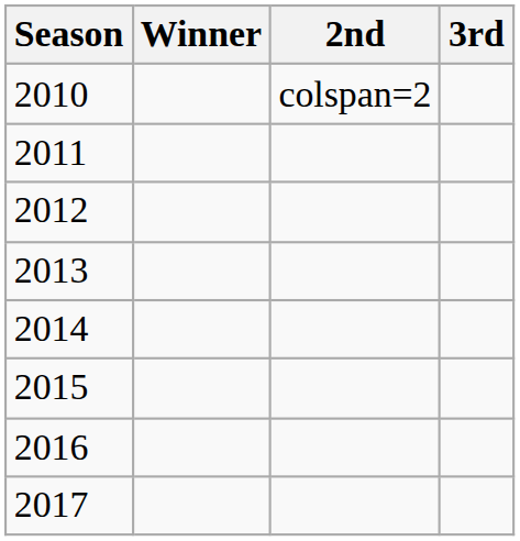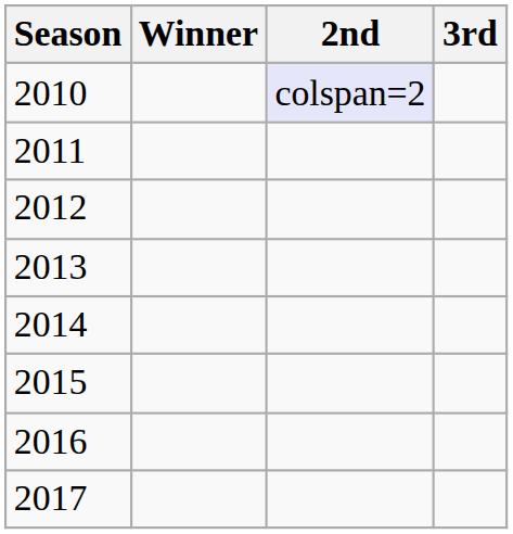 <table class="wikitable">
 <tr>
 <th>Season</th>
 <th>Winner</th>
 <th>2nd</th>
 <th>3rd</th>
 </tr>
 <tr>
 <td>2010</td>
 <td> <br> </td>
-<td>colspan=2 </td>
+<td style="background: lavender;">colspan=2 </td>
 </tr>
 <tr>
 <td>2011</td>
 <td></td>
 <td></td>
 <td></td>
 </tr>
 <tr>
 <td>2012</td>
 <td></td>
 <td></td>
 <td></td>
 </tr>
 <tr>
 <td>2013</td>
 <td></td>
 <td></td>
 <td></td>
 </tr>
 <tr>
 <td>2014</td>
 <td></td>
 <td></td>
 <td></td>
 </tr>
 <tr>
 <td>2015</td>
 <td></td>
 <td></td>
 <td></td>
 </tr>
 <tr>
 <td>2016</td>
 <td></td>
 <td></td>
 <td></td>
 </tr>
 <tr>
 <td>2017</td>
 <td></td>
 <td></td>
 <td></td>
 </tr>
 </table>
